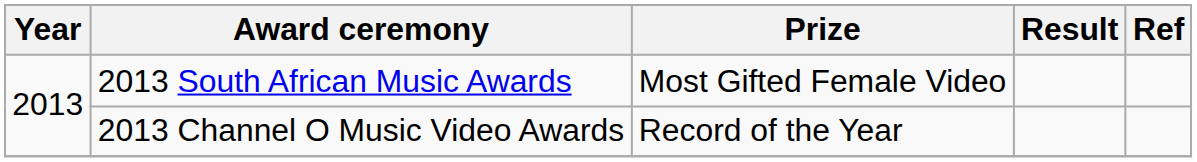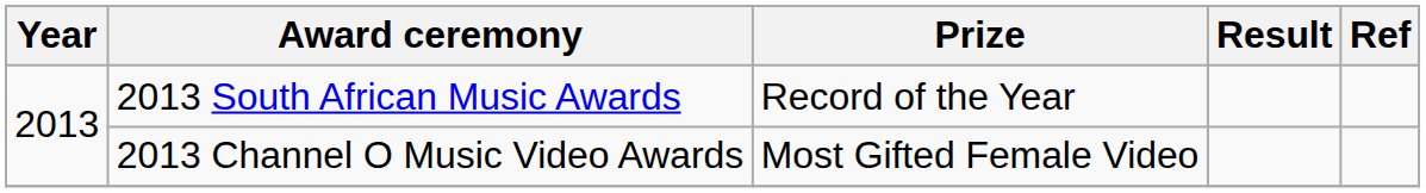 <table class ="wikitable">
 <tr>
 <th>Year</th>
 <th>Award ceremony</th>
 <th>Prize</th>
 <th>Result</th>
 <th>Ref</th>
 </tr>
 <tr>
 <td rowspan="2">2013</td>
 <td>2013 <a href='#'>South African Music Awards</a></td>
-<td>Most Gifted Female Video</td>
+<td>Record of the Year</td>
 <td></td>
 <td></td>
 </tr>
 <tr>
 <td>2013 Channel O Music Video Awards</td>
-<td>Record of the Year</td>
+<td>Most Gifted Female Video</td>
 <td></td>
 <td></td>
 </tr>
 <tr>
 </tr>
 </table>
